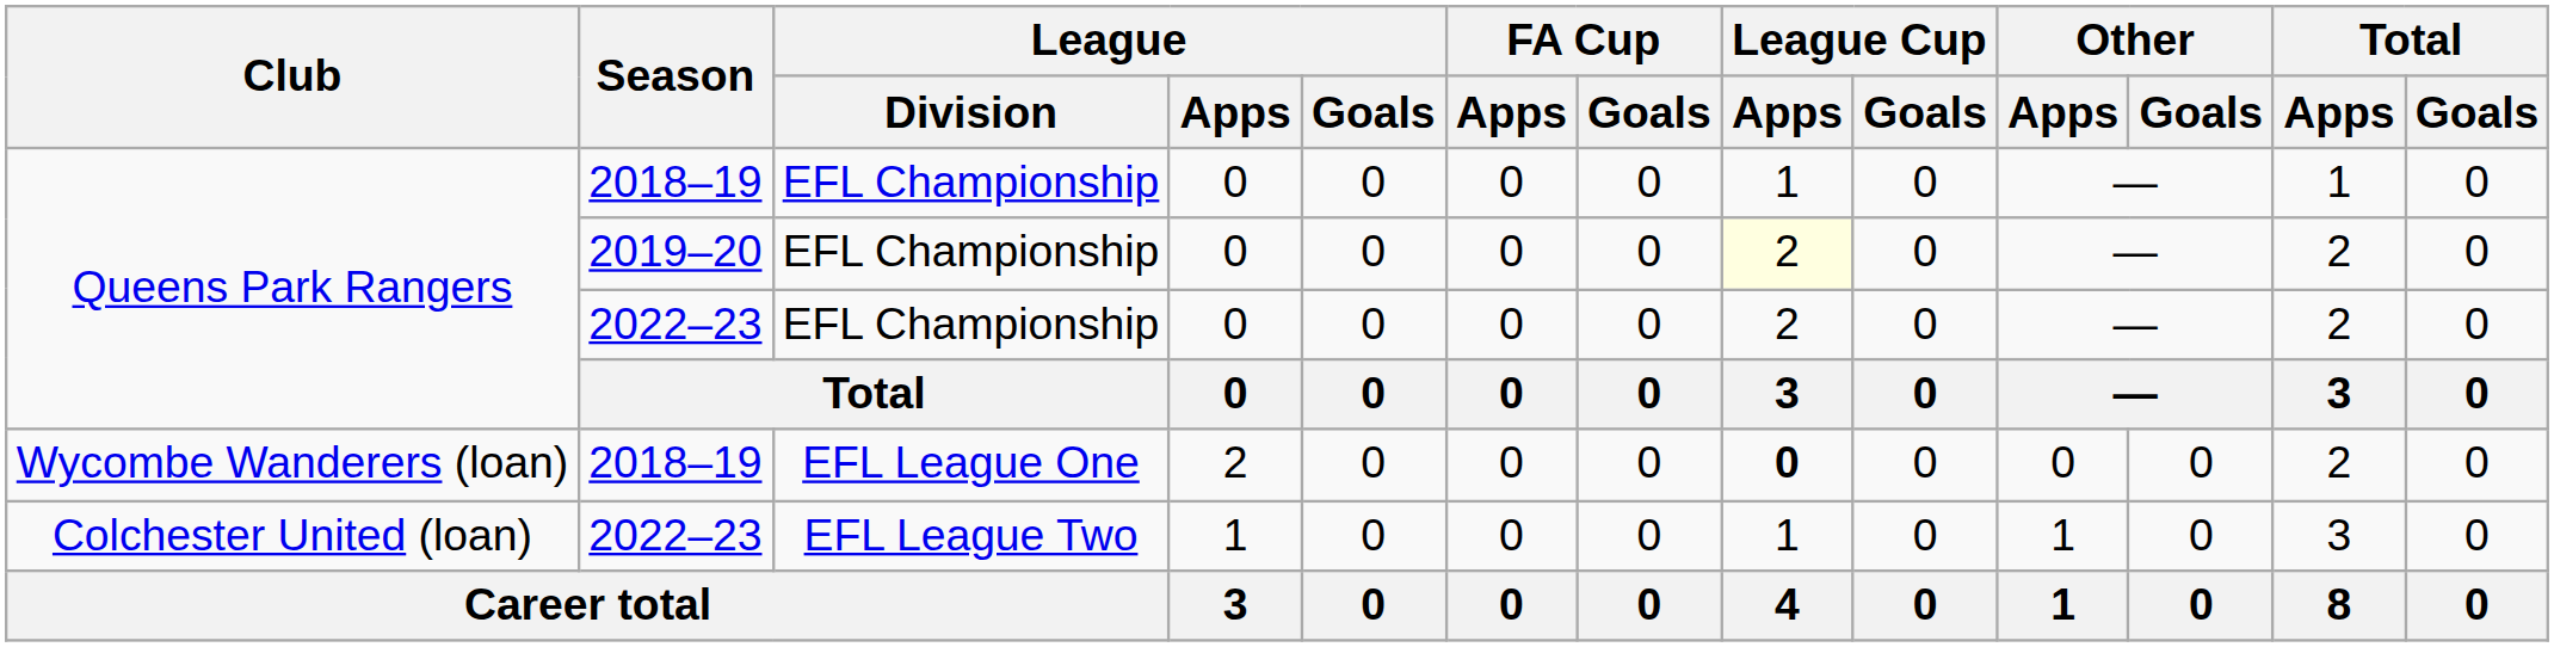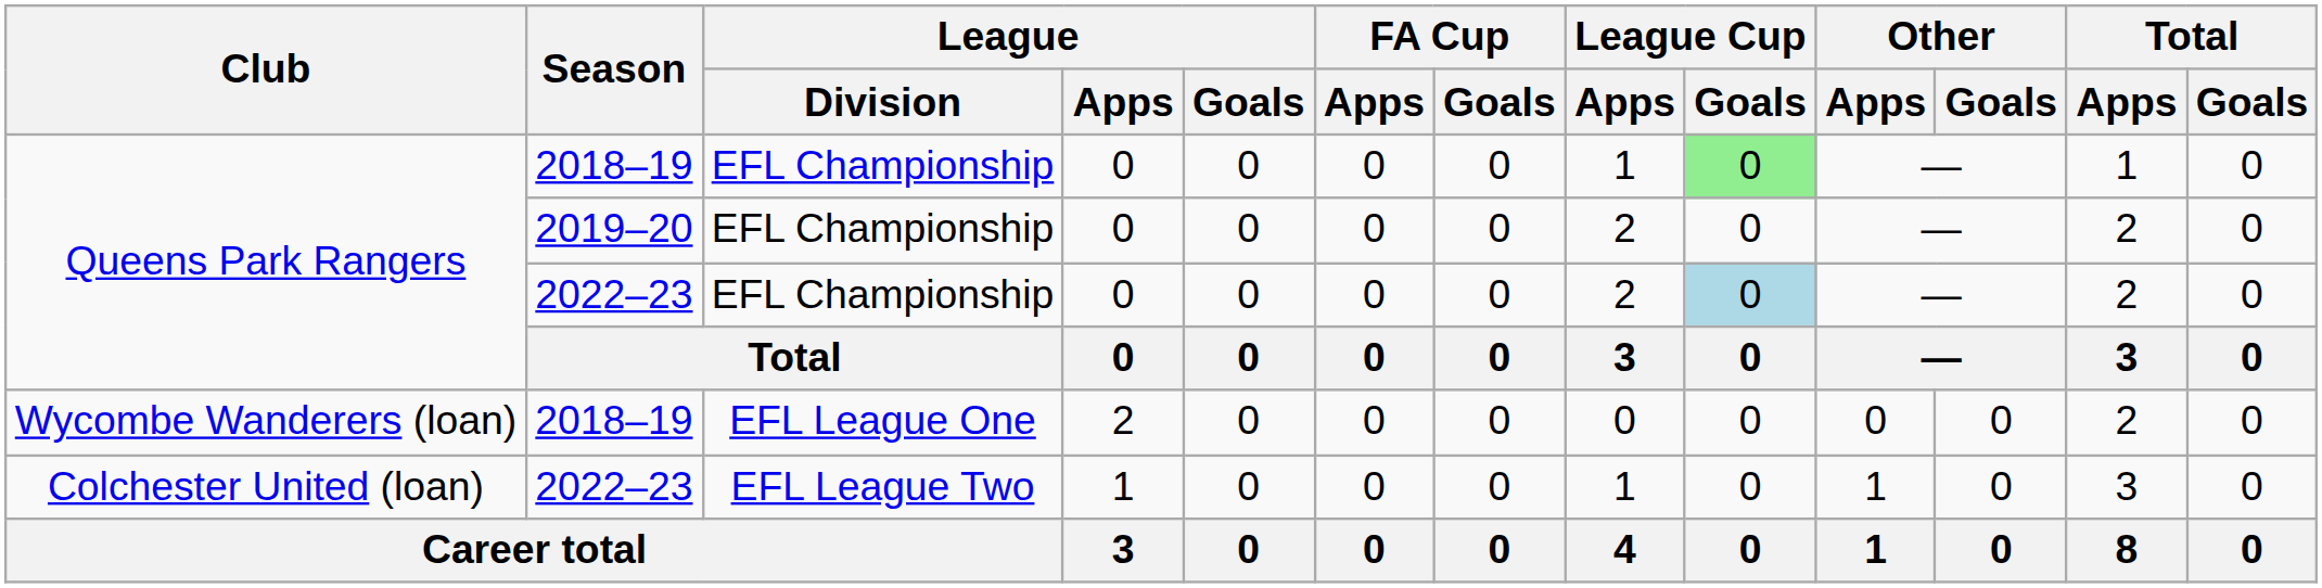 <table class="wikitable" style="text-align: center;">
 <tr>
 <th rowspan="2">Club</th>
 <th rowspan="2">Season</th>
 <th colspan="3">League</th>
 <th colspan="2">FA Cup</th>
 <th colspan="2">League Cup</th>
 <th colspan="2">Other</th>
 <th colspan="2">Total</th>
 </tr>
 <tr>
 <th>Division</th>
 <th>Apps</th>
 <th>Goals</th>
 <th>Apps</th>
 <th>Goals</th>
 <th>Apps</th>
 <th>Goals</th>
 <th>Apps</th>
 <th>Goals</th>
 <th>Apps</th>
 <th>Goals</th>
 </tr>
 <tr>
 <td rowspan=4><a href='#'>Queens Park Rangers</a></td>
 <td><a href='#'>2018–19</a></td>
 <td><a href='#'>EFL Championship</a></td>
 <td>0</td>
 <td>0</td>
 <td>0</td>
 <td>0</td>
 <td>1</td>
-<td>0</td>
+<td style="background: lightgreen;">0</td>
 <td colspan=2>—</td>
 <td>1</td>
 <td>0</td>
 </tr>
 <tr>
 <td><a href='#'>2019–20</a></td>
 <td>EFL Championship</td>
 <td>0</td>
 <td>0</td>
 <td>0</td>
 <td>0</td>
-<td style="background: lightyellow;">2</td>
+<td>2</td>
 <td>0</td>
 <td colspan=2>—</td>
 <td>2</td>
 <td>0</td>
 </tr>
 <tr>
 <td><a href='#'>2022–23</a></td>
 <td>EFL Championship</td>
 <td>0</td>
 <td>0</td>
 <td>0</td>
 <td>0</td>
 <td>2</td>
-<td>0</td>
+<td style="background: lightblue;">0</td>
 <td colspan=2>—</td>
 <td>2</td>
 <td>0</td>
 </tr>
 <tr>
 <th colspan=2>Total</th>
 <th>0</th>
 <th>0</th>
 <th>0</th>
 <th>0</th>
 <th>3</th>
 <th>0</th>
 <th colspan=2>—</th>
 <th>3</th>
 <th>0</th>
 </tr>
 <tr>
 <td><a href='#'>Wycombe Wanderers</a> (loan)</td>
 <td><a href='#'>2018–19</a></td>
 <td><a href='#'>EFL League One</a></td>
 <td>2</td>
 <td>0</td>
 <td>0</td>
 <td>0</td>
-<td><strong>0</strong></td>
+<td>0</td>
 <td>0</td>
 <td>0</td>
 <td>0</td>
 <td>2</td>
 <td>0</td>
 </tr>
 <tr>
 <td><a href='#'>Colchester United</a> (loan)</td>
 <td><a href='#'>2022–23</a></td>
 <td><a href='#'>EFL League Two</a></td>
 <td>1</td>
 <td>0</td>
 <td>0</td>
 <td>0</td>
 <td>1</td>
 <td>0</td>
 <td>1</td>
 <td>0</td>
 <td>3</td>
 <td>0</td>
 </tr>
 <tr>
 <th colspan="3">Career total</th>
 <th>3</th>
 <th>0</th>
 <th>0</th>
 <th>0</th>
 <th>4</th>
 <th>0</th>
 <th>1</th>
 <th>0</th>
 <th>8</th>
 <th>0</th>
 </tr>
 </table>
